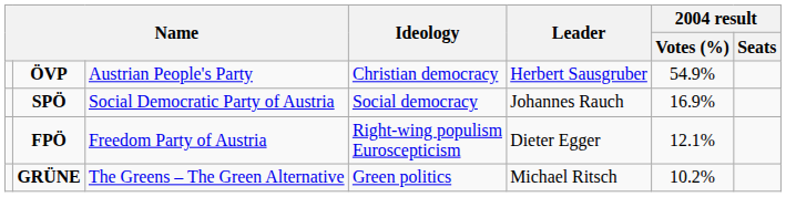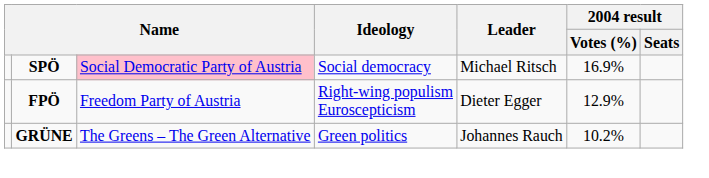 <table class="wikitable">
 <tr>
 <th rowspan="2" colspan="3">Name</th>
 <th rowspan="2">Ideology</th>
 <th rowspan="2">Leader</th>
 <th colspan="2">2004 result</th>
 </tr>
 <tr>
 <th>Votes (%)</th>
 <th>Seats</th>
 </tr>
 <tr>
 <td style="background:"></td>
-<td style="text-align:center;"><strong>ÖVP</strong></td>
-<td><a href='#'>Austrian People's Party</a><br></td>
-<td><a href='#'>Christian democracy</a></td>
-<td><a href='#'>Herbert Sausgruber</a></td>
-<td style="text-align:center;">54.9%</td>
-<td></td>
-</tr>
-<tr>
-<td style="background:"></td>
 <td style="text-align:center;"><strong>SPÖ</strong></td>
-<td><a href='#'>Social Democratic Party of Austria</a><br></td>
+<td style="background: pink;"><a href='#'>Social Democratic Party of Austria</a><br></td>
 <td><a href='#'>Social democracy</a></td>
-<td>Johannes Rauch</td>
+<td>Michael Ritsch</td>
 <td style="text-align:center;">16.9%</td>
 <td></td>
 </tr>
 <tr>
 <td style="background:"></td>
 <td style="text-align:center;"><strong>FPÖ</strong></td>
 <td><a href='#'>Freedom Party of Austria</a><br></td>
 <td><a href='#'>Right-wing populism</a><br><a href='#'>Euroscepticism</a></td>
 <td>Dieter Egger</td>
-<td style="text-align:center;">12.1%</td>
+<td style="text-align:center;">12.9%</td>
 <td></td>
 </tr>
 <tr>
 <td style="background:"></td>
 <td style="text-align:center;"><strong>GRÜNE</strong></td>
 <td><a href='#'>The Greens – The Green Alternative</a><br></td>
 <td><a href='#'>Green politics</a></td>
-<td>Michael Ritsch</td>
+<td>Johannes Rauch</td>
 <td style="text-align:center;">10.2%</td>
 <td></td>
 </tr>
 </table>
